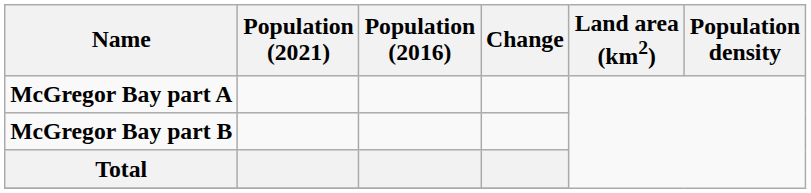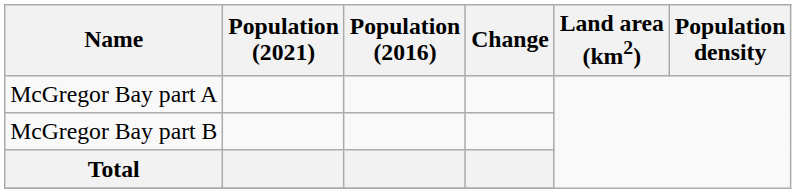 <table class="wikitable sortable collapsible">
 <tr>
 <th scope="col">Name</th>
 <th scope="col">Population<br>(2021)</th>
 <th scope="col">Population<br>(2016)</th>
 <th scope="col">Change</th>
 <th scope="col">Land area<br>(km<sup>2</sup>)</th>
 <th scope="col">Population<br>density</th>
 </tr>
 <tr>
-<td scope="row"><strong>McGregor Bay part A</strong></td>
+<td scope="row">McGregor Bay part A</td>
 <td></td>
 <td align=center></td>
 <td align=center></td>
 </tr>
 <tr>
-<td scope="row"><strong>McGregor Bay part B</strong></td>
+<td scope="row">McGregor Bay part B</td>
 <td></td>
 <td align=center></td>
 <td align=center></td>
 </tr>
 <tr class="sortbottom" align="center" style="background: #f2f2f2;">
 <td><strong>Total</strong></td>
 <td></td>
 <td align=center><strong></strong></td>
 <td><strong></strong></td>
 </tr>
 <tr>
 </tr>
 </table>
